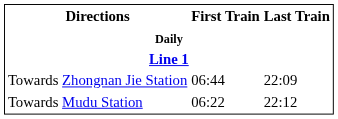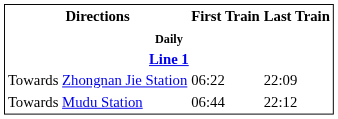 <table style="text-align:centre; font-size:95%; border:1px solid black">
 <tr>
 <th>Directions</th>
 <th>First Train</th>
 <th>Last Train</th>
 </tr>
 <tr>
 <th colspan="5" style="text-align:center"><small>Daily</small></th>
 </tr>
 <tr>
 <th colspan="8" style="background-color:#"><a href='#'>Line 1</a></th>
 </tr>
 <tr>
 <td>Towards <a href='#'>Zhongnan Jie Station</a></td>
-<td>06:44</td>
+<td>06:22</td>
 <td>22:09</td>
 </tr>
 <tr>
 <td>Towards <a href='#'>Mudu Station</a></td>
-<td>06:22</td>
+<td>06:44</td>
 <td>22:12</td>
 </tr>
 </table>
